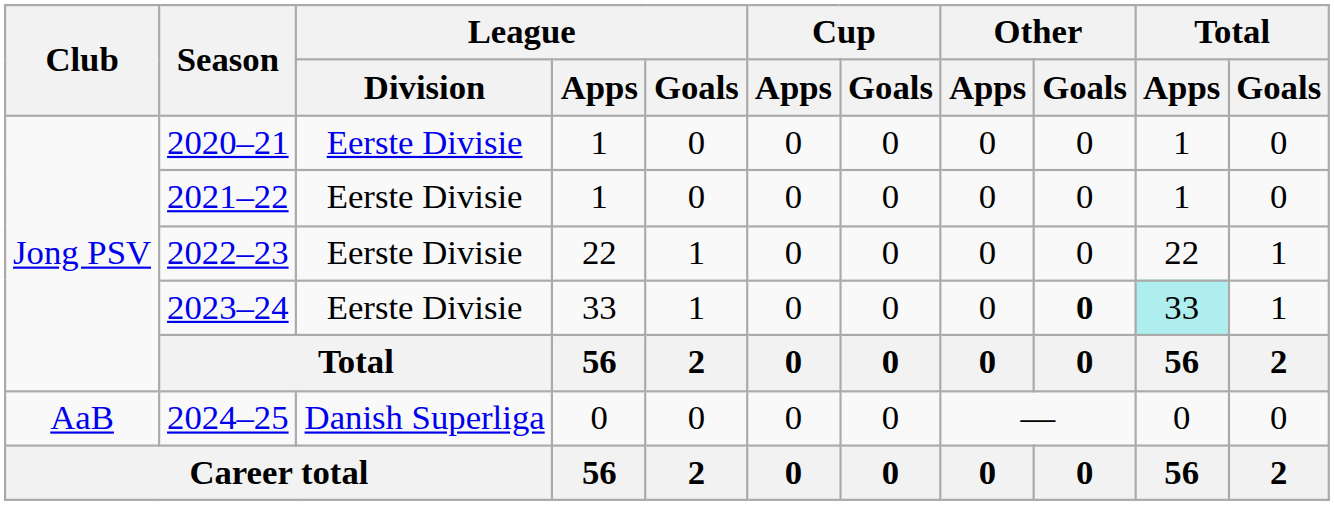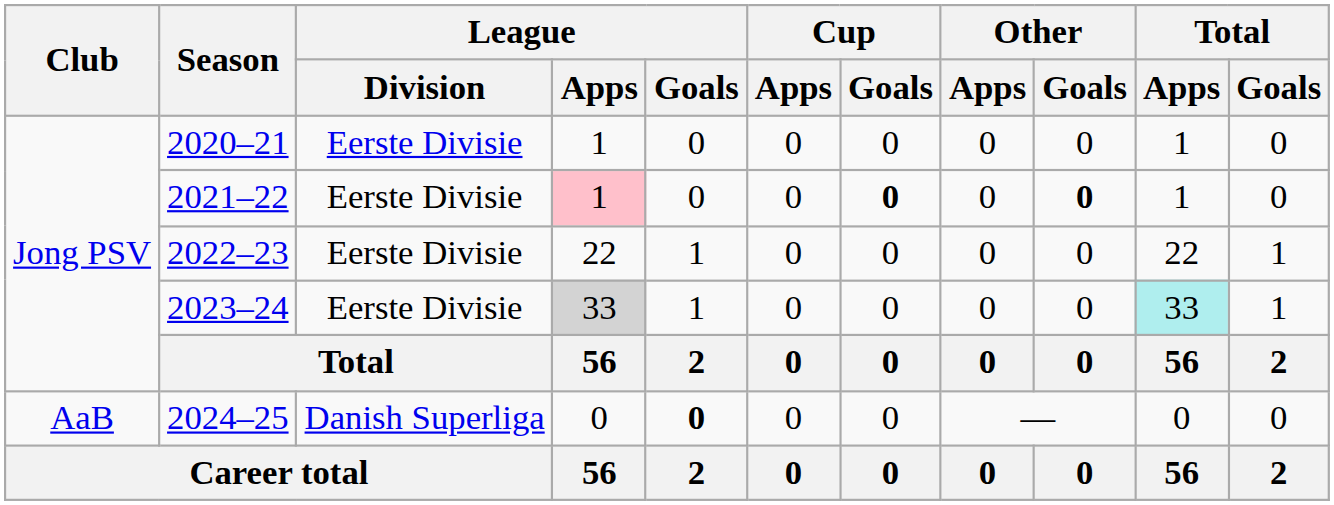 <table class="wikitable" style="text-align:center">
 <tr>
 <th rowspan="2">Club</th>
 <th rowspan="2">Season</th>
 <th colspan="3">League</th>
 <th colspan="2">Cup</th>
 <th colspan="2">Other</th>
 <th colspan="2">Total</th>
 </tr>
 <tr>
 <th>Division</th>
 <th>Apps</th>
 <th>Goals</th>
 <th>Apps</th>
 <th>Goals</th>
 <th>Apps</th>
 <th>Goals</th>
 <th>Apps</th>
 <th>Goals</th>
 </tr>
 <tr>
 <td rowspan="5"><a href='#'>Jong PSV</a></td>
 <td><a href='#'>2020–21</a></td>
 <td><a href='#'>Eerste Divisie</a></td>
 <td>1</td>
 <td>0</td>
 <td>0</td>
 <td>0</td>
 <td>0</td>
 <td>0</td>
 <td>1</td>
 <td>0</td>
 </tr>
 <tr>
 <td><a href='#'>2021–22</a></td>
 <td>Eerste Divisie</td>
-<td>1</td>
+<td style="background: pink;">1</td>
 <td>0</td>
 <td>0</td>
+<td><strong>0</strong></td>
 <td>0</td>
-<td>0</td>
-<td>0</td>
+<td><strong>0</strong></td>
 <td>1</td>
 <td>0</td>
 </tr>
 <tr>
 <td><a href='#'>2022–23</a></td>
 <td>Eerste Divisie</td>
 <td>22</td>
 <td>1</td>
 <td>0</td>
 <td>0</td>
 <td>0</td>
 <td>0</td>
 <td>22</td>
 <td>1</td>
 </tr>
 <tr>
 <td><a href='#'>2023–24</a></td>
 <td>Eerste Divisie</td>
-<td>33</td>
+<td style="background: lightgrey;">33</td>
 <td>1</td>
 <td>0</td>
 <td>0</td>
 <td>0</td>
-<td><strong>0</strong></td>
+<td>0</td>
 <td style="background: paleturquoise;">33</td>
 <td>1</td>
 </tr>
 <tr>
 <th colspan="2">Total</th>
 <th>56</th>
 <th>2</th>
 <th>0</th>
 <th>0</th>
 <th>0</th>
 <th>0</th>
 <th>56</th>
 <th>2</th>
 </tr>
 <tr>
 <td><a href='#'>AaB</a></td>
 <td><a href='#'>2024–25</a></td>
 <td><a href='#'>Danish Superliga</a></td>
 <td>0</td>
-<td>0</td>
+<td><strong>0</strong></td>
 <td>0</td>
 <td>0</td>
 <td colspan="2">—</td>
 <td>0</td>
 <td>0</td>
 </tr>
 <tr>
 <th colspan="3">Career total</th>
 <th>56</th>
 <th>2</th>
 <th>0</th>
 <th>0</th>
 <th>0</th>
 <th>0</th>
 <th>56</th>
 <th>2</th>
 </tr>
 </table>
